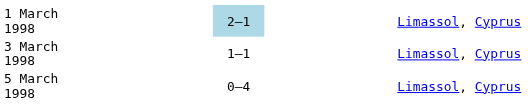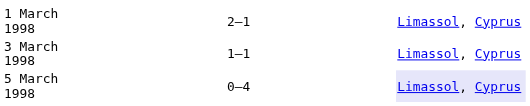 <table cellspacing=1 width=85%>
 <tr>
 <th width=15%></th>
 <th width=25%></th>
 <th width=10%></th>
 <th width=25%></th>
 <th width=25%></th>
 </tr>
 <tr>
 <td>1 March 1998</td>
 <td align=right></td>
-<td align=center style="background: lightblue;">2–1</td>
+<td align=center>2–1</td>
 <td></td>
 <td><a href='#'>Limassol</a>, <a href='#'>Cyprus</a></td>
 </tr>
 <tr>
 <td>3 March 1998</td>
 <td align=right></td>
 <td align=center>1–1</td>
 <td></td>
 <td><a href='#'>Limassol</a>, <a href='#'>Cyprus</a></td>
 </tr>
 <tr>
 <td>5 March 1998</td>
 <td align=right></td>
 <td align=center>0–4</td>
 <td></td>
-<td><a href='#'>Limassol</a>, <a href='#'>Cyprus</a></td>
+<td style="background: lavender;"><a href='#'>Limassol</a>, <a href='#'>Cyprus</a></td>
 </tr>
 </table>
